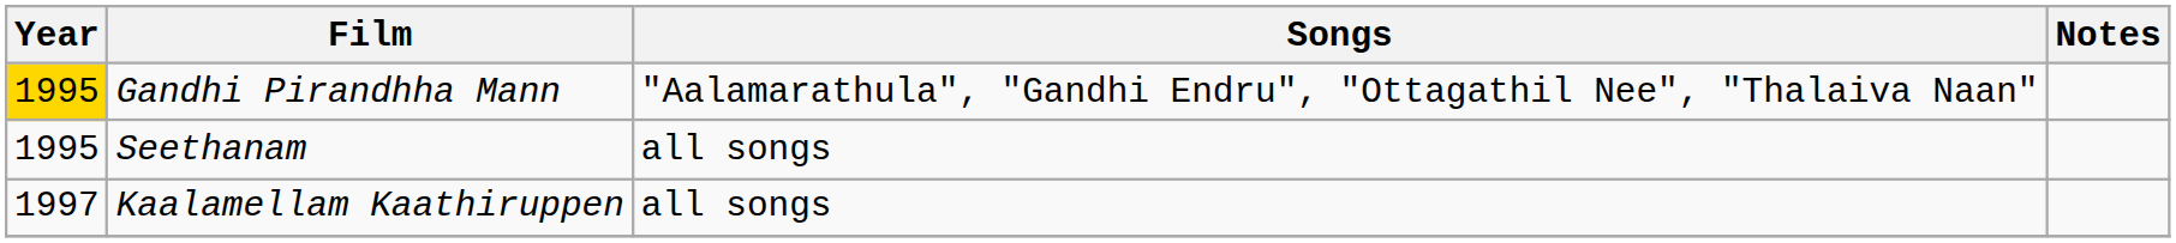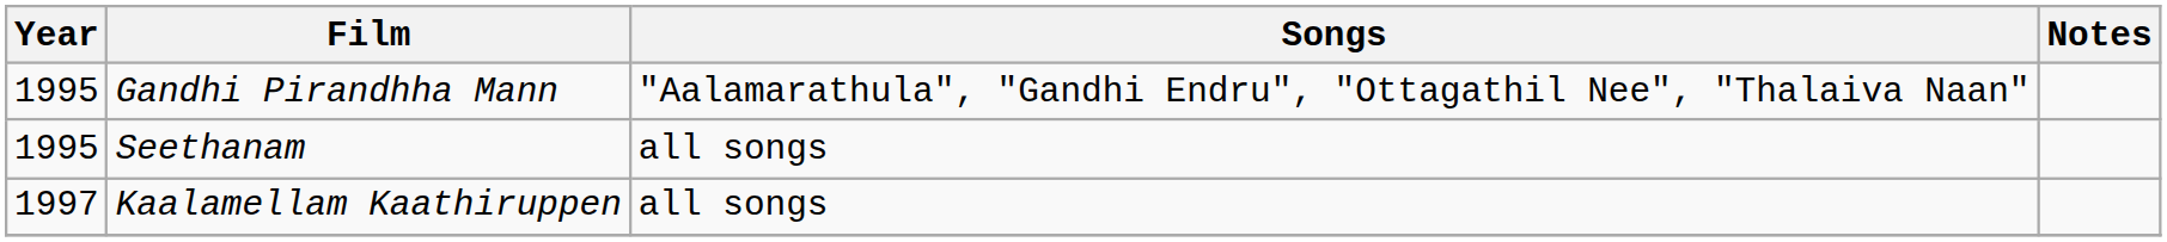 <table class="wikitable sortable ">
 <tr>
 <th scope="col">Year</th>
 <th scope="col">Film</th>
 <th scope="col">Songs</th>
 <th scope="col">Notes</th>
 </tr>
 <tr>
-<td style="background: gold;">1995</td>
+<td>1995</td>
 <td><em>Gandhi Pirandhha Mann</em></td>
 <td>"Aalamarathula", "Gandhi Endru", "Ottagathil Nee", "Thalaiva Naan"</td>
 <td></td>
 </tr>
 <tr>
 <td>1995</td>
 <td><em>Seethanam</em></td>
 <td>all songs</td>
 <td></td>
 </tr>
 <tr>
 <td>1997</td>
 <td><em>Kaalamellam Kaathiruppen</em></td>
 <td>all songs</td>
 <td></td>
 </tr>
 <tr>
 </tr>
 </table>
